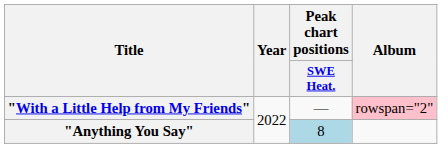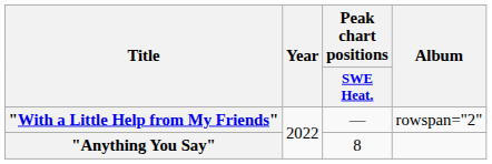 <table class="wikitable plainrowheaders" style="text-align:center;">
 <tr>
 <th scope="col" rowspan="2">Title</th>
 <th scope="col" rowspan="2">Year</th>
 <th scope="col" colspan="1">Peak chart positions</th>
 <th scope="col" rowspan="2">Album</th>
 </tr>
 <tr>
 <th scope="col" style="width:3em;font-size:85%;"><a href='#'>SWE<br>Heat.</a><br></th>
 </tr>
 <tr>
 <th scope="row">"<a href='#'>With a Little Help from My Friends</a>"</th>
 <td rowspan="2">2022</td>
 <td>—</td>
-<td style="background: pink;">rowspan="2" </td>
+<td>rowspan="2" </td>
 </tr>
 <tr>
 <th scope="row">"Anything You Say"</th>
-<td style="background: lightblue;">8</td>
+<td>8</td>
 </tr>
 </table>
